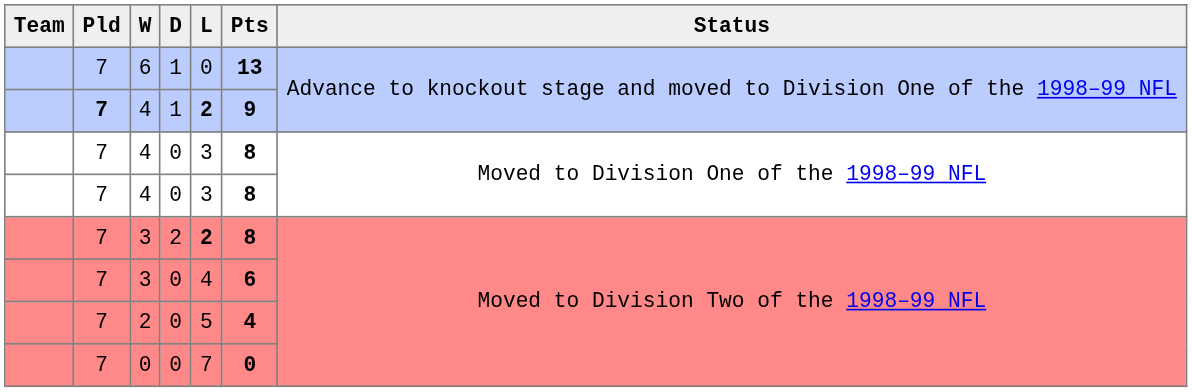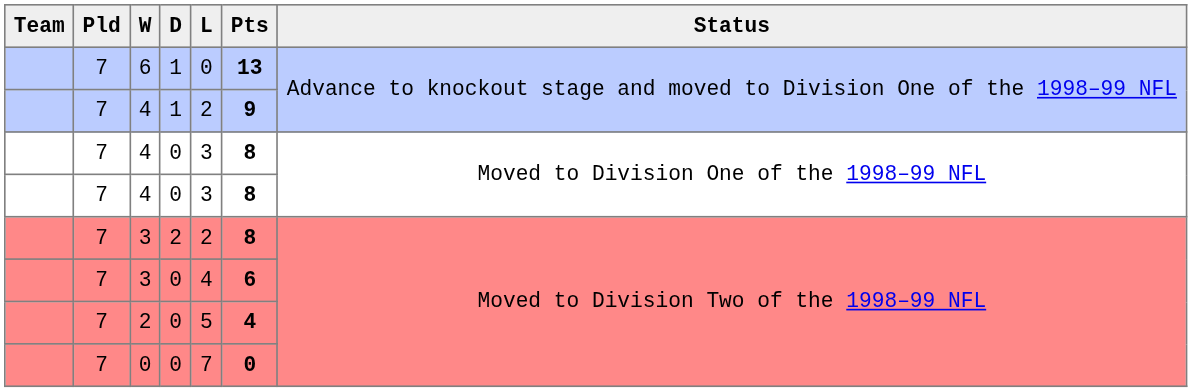 <table style=border-collapse:collapse border=1 cellspacing=0 cellpadding=5>
 <tr align=center bgcolor=#efefef>
 <th>Team</th>
 <th>Pld</th>
 <th>W</th>
 <th>D</th>
 <th>L</th>
 <th>Pts</th>
 <th>Status</th>
 </tr>
 <tr align=center style="background:#bbccff;">
 <td style="text-align:left;"> </td>
 <td>7</td>
 <td>6</td>
 <td>1</td>
 <td>0</td>
 <td><strong>13</strong></td>
 <td rowspan=2>Advance to knockout stage and moved to Division One of the <a href='#'>1998–99 NFL</a></td>
 </tr>
 <tr align=center style="background:#bbccff;">
 <td style="text-align:left;"> </td>
-<td><strong>7</strong></td>
+<td>7</td>
 <td>4</td>
 <td>1</td>
-<td><strong>2</strong></td>
+<td>2</td>
 <td><strong>9</strong></td>
 </tr>
 <tr align=center style="background:#FFFFFF;">
 <td style="text-align:left;"> </td>
 <td>7</td>
 <td>4</td>
 <td>0</td>
 <td>3</td>
 <td><strong>8</strong></td>
 <td rowspan=2>Moved to Division One of the <a href='#'>1998–99 NFL</a></td>
 </tr>
 <tr align=center style="background:#FFFFFF;">
 <td style="text-align:left;"> </td>
 <td>7</td>
 <td>4</td>
 <td>0</td>
 <td>3</td>
 <td><strong>8</strong></td>
 </tr>
 <tr align=center style="background:#FF8888;">
 <td style="text-align:left;"> </td>
 <td>7</td>
 <td>3</td>
 <td>2</td>
-<td><strong>2</strong></td>
+<td>2</td>
 <td><strong>8</strong></td>
 <td rowspan=4>Moved to Division Two of the <a href='#'>1998–99 NFL</a></td>
 </tr>
 <tr align=center style="background:#FF8888;">
 <td style="text-align:left;"> </td>
 <td>7</td>
 <td>3</td>
 <td>0</td>
 <td>4</td>
 <td><strong>6</strong></td>
 </tr>
 <tr align=center style="background:#FF8888;">
 <td style="text-align:left;"> </td>
 <td>7</td>
 <td>2</td>
 <td>0</td>
 <td>5</td>
 <td><strong>4</strong></td>
 </tr>
 <tr align=center style="background:#FF8888;">
 <td style="text-align:left;"> </td>
 <td>7</td>
 <td>0</td>
 <td>0</td>
 <td>7</td>
 <td><strong>0</strong></td>
 </tr>
 </table>
